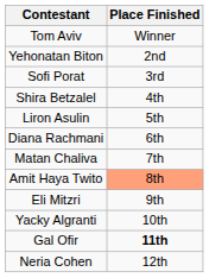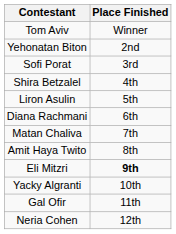 <table class="wikitable" style="text-align:center">
 <tr>
 <th>Contestant</th>
 <th>Place Finished</th>
 </tr>
 <tr>
 <td>Tom Aviv</td>
 <td>Winner</td>
 </tr>
 <tr>
 <td>Yehonatan Biton</td>
 <td>2nd</td>
 </tr>
 <tr>
 <td>Sofi Porat</td>
 <td>3rd</td>
 </tr>
 <tr>
 <td>Shira Betzalel</td>
 <td>4th</td>
 </tr>
 <tr>
 <td>Liron Asulin</td>
 <td>5th</td>
 </tr>
 <tr>
 <td>Diana Rachmani</td>
 <td>6th</td>
 </tr>
 <tr>
 <td>Matan Chaliva</td>
 <td>7th</td>
 </tr>
 <tr>
 <td>Amit Haya Twito</td>
-<td style="background: lightsalmon;">8th</td>
+<td>8th</td>
 </tr>
 <tr>
 <td>Eli Mitzri</td>
-<td>9th</td>
+<td><strong>9th</strong></td>
 </tr>
 <tr>
 <td>Yacky Algranti</td>
 <td>10th</td>
 </tr>
 <tr>
 <td>Gal Ofir</td>
-<td><strong>11th</strong></td>
+<td>11th</td>
 </tr>
 <tr>
 <td>Neria Cohen</td>
 <td>12th</td>
 </tr>
 </table>
